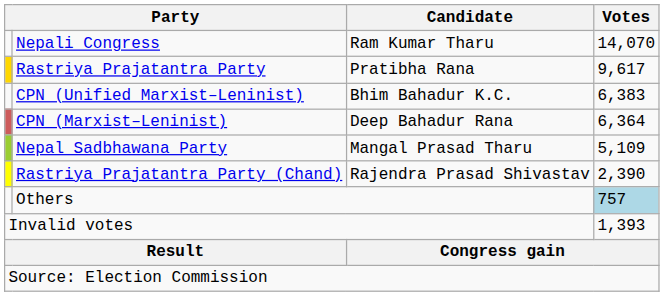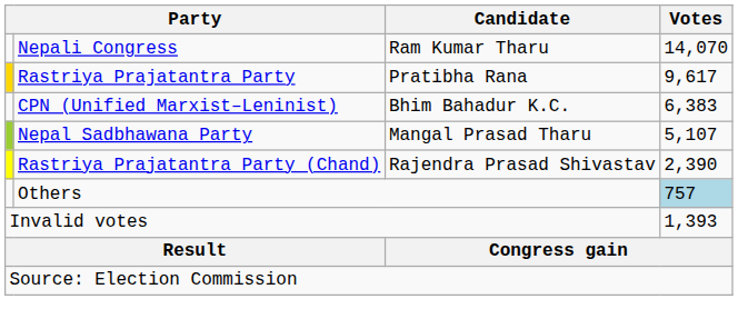 <table class="wikitable">
 <tr>
 <th colspan="2">Party</th>
 <th>Candidate</th>
 <th>Votes</th>
 </tr>
 <tr>
 <td style="background-color:"></td>
 <td><a href='#'>Nepali Congress</a></td>
 <td>Ram Kumar Tharu</td>
 <td>14,070</td>
 </tr>
 <tr>
 <td style="background-color:gold"></td>
 <td><a href='#'>Rastriya Prajatantra Party</a></td>
 <td>Pratibha Rana</td>
 <td>9,617</td>
 </tr>
 <tr>
 <td style="background-color:"></td>
 <td><a href='#'>CPN (Unified Marxist–Leninist)</a></td>
 <td>Bhim Bahadur K.C.</td>
 <td>6,383</td>
 </tr>
 <tr>
-<td style="background-color:indianred"></td>
-<td><a href='#'>CPN (Marxist–Leninist)</a></td>
-<td>Deep Bahadur Rana</td>
-<td>6,364</td>
-</tr>
-<tr>
 <td style="background-color:yellowgreen"></td>
 <td><a href='#'>Nepal Sadbhawana Party</a></td>
 <td>Mangal Prasad Tharu</td>
-<td>5,109</td>
+<td>5,107</td>
 </tr>
 <tr>
 <td style="background-color:yellow"></td>
 <td><a href='#'>Rastriya Prajatantra Party (Chand)</a></td>
 <td>Rajendra Prasad Shivastav</td>
 <td>2,390</td>
 </tr>
 <tr>
 <td></td>
 <td colspan="2">Others</td>
 <td style="background: lightblue;">757</td>
 </tr>
 <tr>
 <td colspan="3">Invalid votes</td>
 <td>1,393</td>
 </tr>
 <tr>
 <th colspan="2">Result</th>
 <th colspan="2">Congress gain</th>
 </tr>
 <tr>
 <td colspan="4">Source: Election Commission</td>
 </tr>
 </table>
